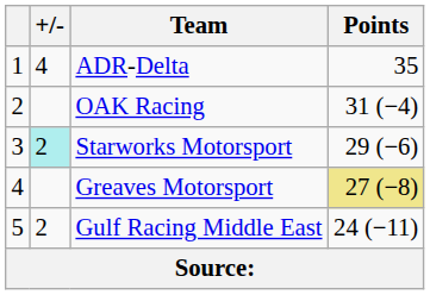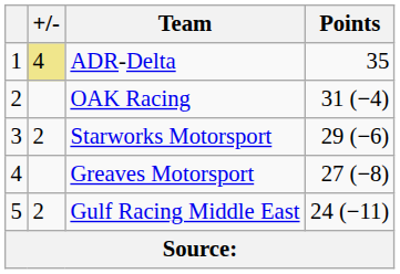 <table class="wikitable" style="font-size: 95%;">
 <tr>
 <th scope="col"></th>
 <th scope="col">+/-</th>
 <th scope="col">Team</th>
 <th scope="col">Points</th>
 </tr>
 <tr>
 <td align=center>1</td>
-<td align="left"> 4</td>
+<td align="left" style="background: khaki;"> 4</td>
 <td> <a href='#'>ADR</a>-<a href='#'>Delta</a></td>
 <td align=right>35</td>
 </tr>
 <tr>
 <td align=center>2</td>
 <td align="left"></td>
 <td> <a href='#'>OAK Racing</a></td>
 <td align=right>31 (−4)</td>
 </tr>
 <tr>
 <td align=center>3</td>
-<td align="left" style="background: paleturquoise;"> 2</td>
+<td align="left"> 2</td>
 <td> <a href='#'>Starworks Motorsport</a></td>
 <td align=right>29 (−6)</td>
 </tr>
 <tr>
 <td align=center>4</td>
 <td align="left"></td>
 <td> <a href='#'>Greaves Motorsport</a></td>
-<td align=right style="background: khaki;">27 (−8)</td>
+<td align=right>27 (−8)</td>
 </tr>
 <tr>
 <td align=center>5</td>
 <td align="left"> 2</td>
 <td> <a href='#'>Gulf Racing Middle East</a></td>
 <td align=right>24 (−11)</td>
 </tr>
 <tr>
 <th colspan=4>Source:</th>
 </tr>
 </table>
